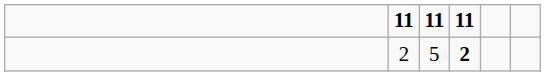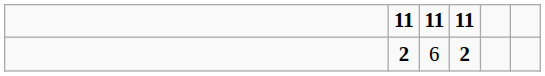 <table class="wikitable">
 <tr>
 <td style="width:18em"><strong></strong></td>
 <td align=center style="width:1em"><strong>11</strong></td>
 <td align=center style="width:1em"><strong>11</strong></td>
 <td align=center style="width:1em"><strong>11</strong></td>
 <td align=center style="width:1em"></td>
 <td align=center style="width:1em"></td>
 </tr>
 <tr>
 <td style="width:18em"></td>
-<td align=center style="width:1em">2</td>
-<td align=center style="width:1em">5</td>
+<td align=center style="width:1em"><strong>2</strong></td>
+<td align=center style="width:1em">6</td>
 <td align=center style="width:1em"><strong>2</strong></td>
 <td align=center style="width:1em"></td>
 <td align=center style="width:1em"></td>
 </tr>
 </table>
